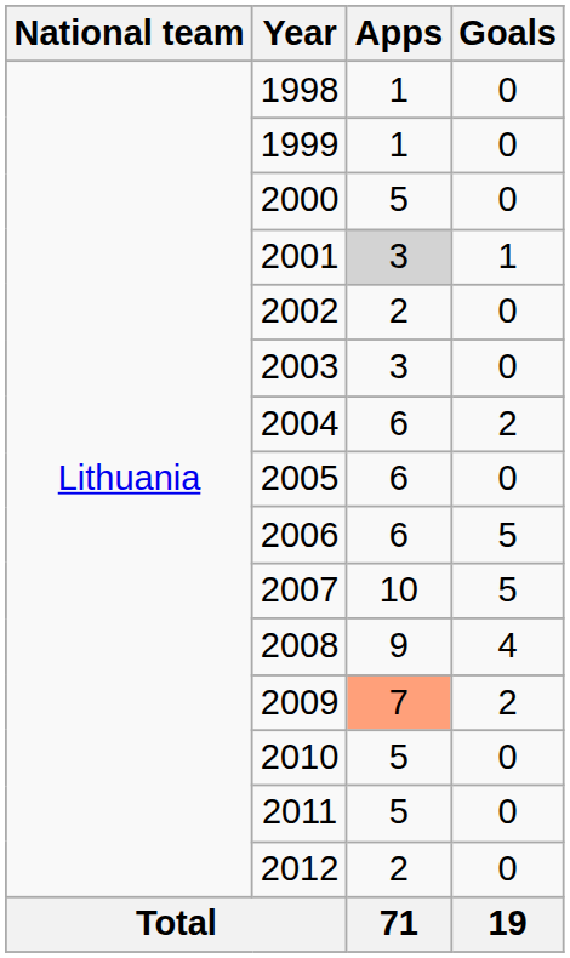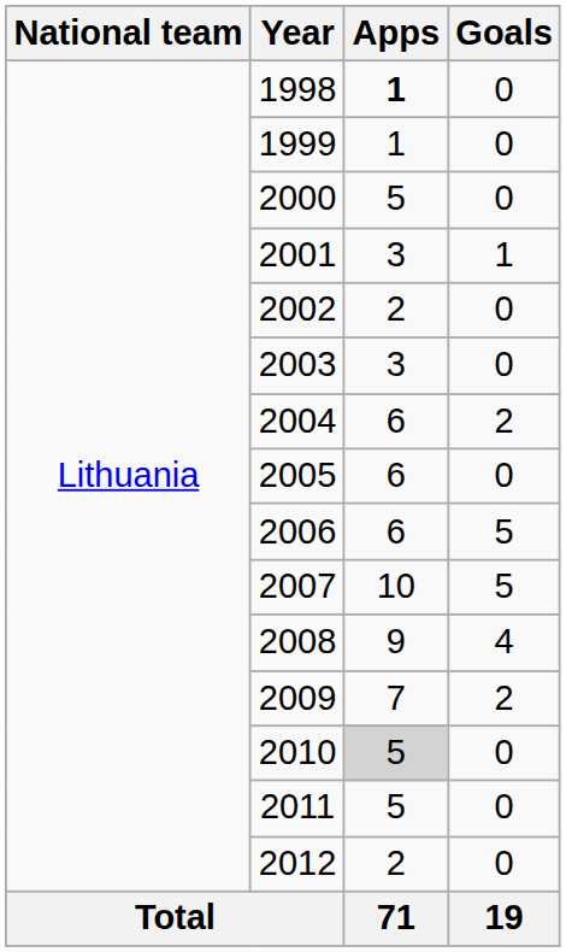 <table class="wikitable" style="text-align:center">
 <tr>
 <th>National team</th>
 <th>Year</th>
 <th>Apps</th>
 <th>Goals</th>
 </tr>
 <tr>
 <td rowspan="15"><a href='#'>Lithuania</a></td>
 <td>1998</td>
-<td>1</td>
+<td><strong>1</strong></td>
 <td>0</td>
 </tr>
 <tr>
 <td>1999</td>
 <td>1</td>
 <td>0</td>
 </tr>
 <tr>
 <td>2000</td>
 <td>5</td>
 <td>0</td>
 </tr>
 <tr>
 <td>2001</td>
-<td style="background: lightgrey;">3</td>
+<td>3</td>
 <td>1</td>
 </tr>
 <tr>
 <td>2002</td>
 <td>2</td>
 <td>0</td>
 </tr>
 <tr>
 <td>2003</td>
 <td>3</td>
 <td>0</td>
 </tr>
 <tr>
 <td>2004</td>
 <td>6</td>
 <td>2</td>
 </tr>
 <tr>
 <td>2005</td>
 <td>6</td>
 <td>0</td>
 </tr>
 <tr>
 <td>2006</td>
 <td>6</td>
 <td>5</td>
 </tr>
 <tr>
 <td>2007</td>
 <td>10</td>
 <td>5</td>
 </tr>
 <tr>
 <td>2008</td>
 <td>9</td>
 <td>4</td>
 </tr>
 <tr>
 <td>2009</td>
-<td style="background: lightsalmon;">7</td>
+<td>7</td>
 <td>2</td>
 </tr>
 <tr>
 <td>2010</td>
-<td>5</td>
+<td style="background: lightgrey;">5</td>
 <td>0</td>
 </tr>
 <tr>
 <td>2011</td>
 <td>5</td>
 <td>0</td>
 </tr>
 <tr>
 <td>2012</td>
 <td>2</td>
 <td>0</td>
 </tr>
 <tr>
 <th colspan="2">Total</th>
 <th>71</th>
 <th>19</th>
 </tr>
 </table>
